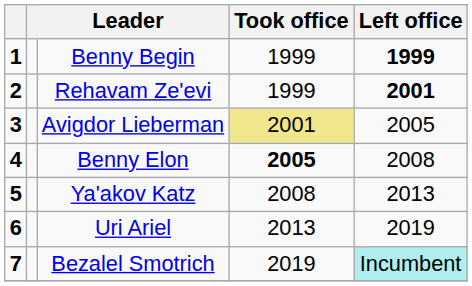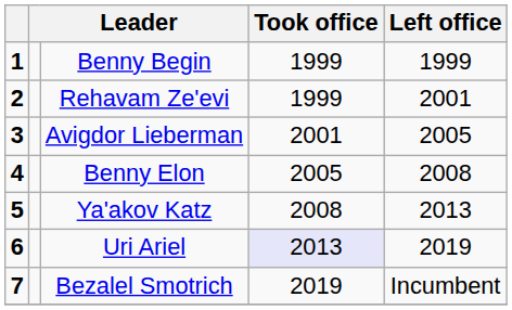 <table class="wikitable" style="text-align: center;">
 <tr>
 <th><br></th>
 <th colspan="2">Leader</th>
 <th>Took office</th>
 <th>Left office</th>
 </tr>
 <tr>
 <td style="background: "><strong>1</strong></td>
 <td></td>
 <td><a href='#'>Benny Begin</a></td>
 <td>1999</td>
-<td><strong>1999</strong></td>
+<td>1999</td>
 </tr>
 <tr>
 <td style="background: "><strong>2</strong></td>
 <td></td>
 <td><a href='#'>Rehavam Ze'evi</a></td>
 <td>1999</td>
-<td><strong>2001</strong></td>
+<td>2001</td>
 </tr>
 <tr>
 <td style="background: "><strong>3</strong></td>
 <td></td>
 <td><a href='#'>Avigdor Lieberman</a></td>
-<td style="background: khaki;">2001</td>
+<td>2001</td>
 <td>2005</td>
 </tr>
 <tr>
 <td style="background: "><strong>4</strong></td>
 <td></td>
 <td><a href='#'>Benny Elon</a></td>
-<td><strong>2005</strong></td>
+<td>2005</td>
 <td>2008</td>
 </tr>
 <tr>
 <td style="background: "><strong>5</strong></td>
 <td></td>
 <td><a href='#'>Ya'akov Katz</a></td>
 <td>2008</td>
 <td>2013</td>
 </tr>
 <tr>
 <td style="background: "><strong>6</strong></td>
 <td></td>
 <td><a href='#'>Uri Ariel</a></td>
-<td>2013</td>
+<td style="background: lavender;">2013</td>
 <td>2019</td>
 </tr>
 <tr>
 <td style="background: "><strong>7</strong></td>
 <td></td>
 <td><a href='#'>Bezalel Smotrich</a></td>
 <td>2019</td>
-<td style="background: paleturquoise;">Incumbent</td>
+<td>Incumbent</td>
 </tr>
 <tr>
 </tr>
 </table>
